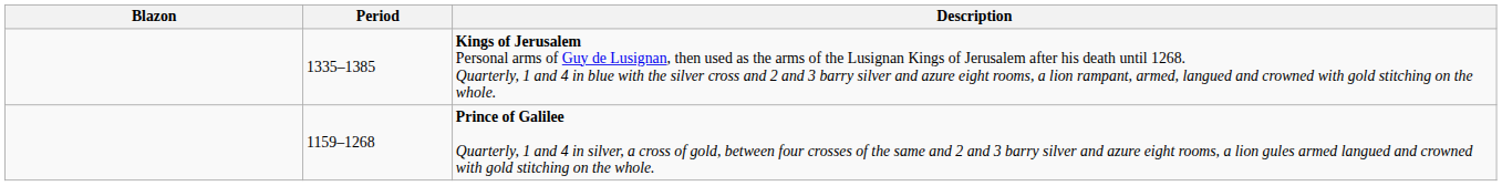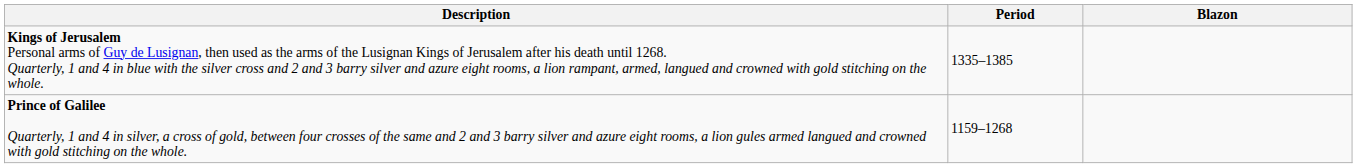 <table class="wikitable">
 <tr>
+<th style="width:70%;">Description</th>
+<th style="width:10%;">Period</th>
 <th style="width:20%;">Blazon</th>
-<th style="width:10%;">Period</th>
-<th style="width:70%;">Description</th>
 </tr>
 <tr>
+<td><strong>Kings of Jerusalem</strong><br>Personal arms of <a href='#'>Guy de Lusignan</a>, then used as the arms of the Lusignan Kings of Jerusalem after his death until 1268.<br><em>Quarterly, 1 and 4 in blue with the silver cross and 2 and 3 barry silver and azure eight rooms, a lion rampant, armed, langued and crowned with gold stitching on the whole.</em></td>
+<td>1335–1385</td>
 <td></td>
-<td>1335–1385</td>
-<td><strong>Kings of Jerusalem</strong><br>Personal arms of <a href='#'>Guy de Lusignan</a>, then used as the arms of the Lusignan Kings of Jerusalem after his death until 1268.<br><em>Quarterly, 1 and 4 in blue with the silver cross and 2 and 3 barry silver and azure eight rooms, a lion rampant, armed, langued and crowned with gold stitching on the whole.</em></td>
 </tr>
 <tr>
+<td><strong>Prince of Galilee</strong><br><br><em>Quarterly, 1 and 4 in silver, a cross of gold, between four crosses of the same and 2 and 3 barry silver and azure eight rooms, a lion gules armed langued and crowned with gold stitching on the whole.</em></td>
+<td>1159–1268</td>
 <td></td>
-<td>1159–1268</td>
-<td><strong>Prince of Galilee</strong><br><br><em>Quarterly, 1 and 4 in silver, a cross of gold, between four crosses of the same and 2 and 3 barry silver and azure eight rooms, a lion gules armed langued and crowned with gold stitching on the whole.</em></td>
 </tr>
 </table>
